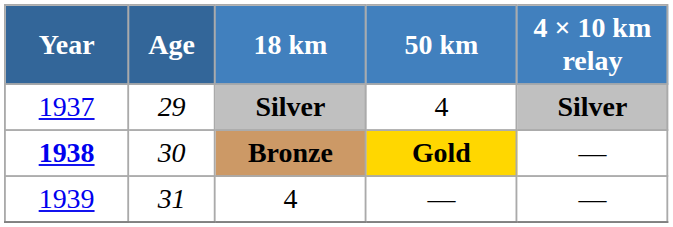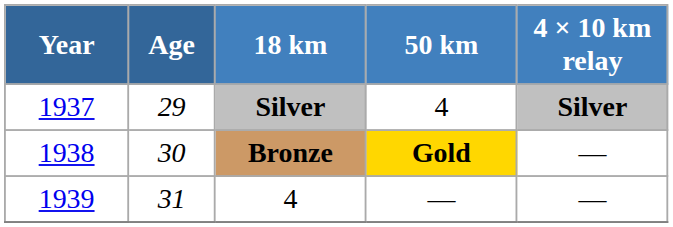 <table class="wikitable" style="font-size:95%; text-align:center; border:grey solid 1px; border-collapse:collapse; background:#ffffff;">
 <tr>
 <th style="background-color:#369; color:white; width:60px;"> Year </th>
 <th style="background-color:#369; color:white; width:40px;"> Age </th>
 <th style="background-color:#4180be; color:white; width:75px;"> 18 km </th>
 <th style="background-color:#4180be; color:white; width:75px;"> 50 km </th>
 <th style="background-color:#4180be; color:white; width:75px;"> 4 × 10 km <br> relay </th>
 </tr>
 <tr>
 <td><a href='#'>1937</a></td>
 <td><em>29</em></td>
 <td style="background:silver;"><strong>Silver</strong></td>
 <td>4</td>
 <td style="background:silver;"><strong>Silver</strong></td>
 </tr>
 <tr>
-<td><strong><a href='#'>1938</a></strong></td>
+<td><a href='#'>1938</a></td>
 <td><em>30</em></td>
 <td bgcolor="cc9966"><strong>Bronze</strong></td>
 <td style="background:gold;"><strong>Gold</strong></td>
 <td>—</td>
 </tr>
 <tr>
 <td><a href='#'>1939</a></td>
 <td><em>31</em></td>
 <td>4</td>
 <td>—</td>
 <td>—</td>
 </tr>
 <tr>
 </tr>
 </table>
